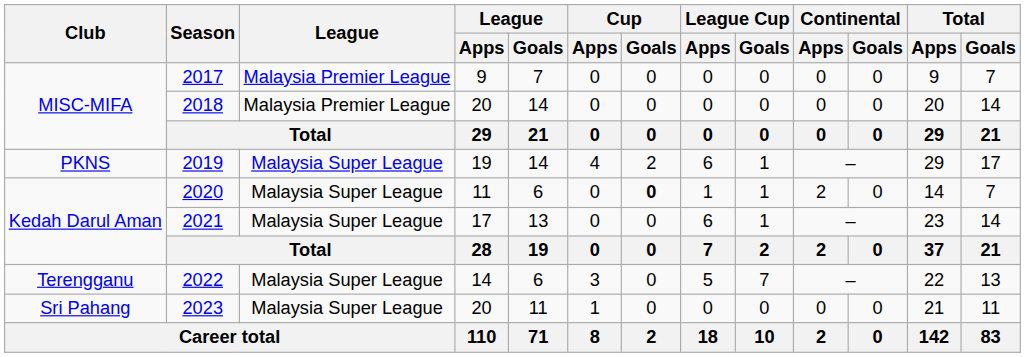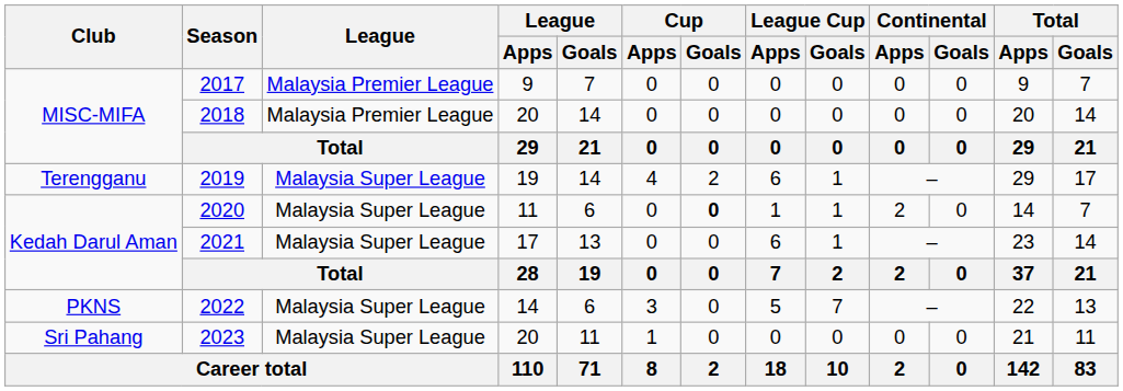 <table class="wikitable" style="text-align: center;">
 <tr>
 <th rowspan="2">Club</th>
 <th rowspan="2">Season</th>
 <th rowspan="2">League</th>
 <th colspan="2">League</th>
 <th colspan="2">Cup</th>
 <th colspan="2">League Cup</th>
 <th colspan="2">Continental</th>
 <th colspan="2">Total</th>
 </tr>
 <tr>
 <th>Apps</th>
 <th>Goals</th>
 <th>Apps</th>
 <th>Goals</th>
 <th>Apps</th>
 <th>Goals</th>
 <th>Apps</th>
 <th>Goals</th>
 <th>Apps</th>
 <th>Goals</th>
 </tr>
 <tr>
 <td rowspan="3" valign="center"><a href='#'>MISC-MIFA</a></td>
 <td><a href='#'>2017</a></td>
 <td><a href='#'>Malaysia Premier League</a></td>
 <td>9</td>
 <td>7</td>
 <td>0</td>
 <td>0</td>
 <td>0</td>
 <td>0</td>
 <td>0</td>
 <td>0</td>
 <td>9</td>
 <td>7</td>
 </tr>
 <tr>
 <td><a href='#'>2018</a></td>
 <td>Malaysia Premier League</td>
 <td>20</td>
 <td>14</td>
 <td>0</td>
 <td>0</td>
 <td>0</td>
 <td>0</td>
 <td>0</td>
 <td>0</td>
 <td>20</td>
 <td>14</td>
 </tr>
 <tr>
 <th colspan=2>Total</th>
 <th>29</th>
 <th>21</th>
 <th>0</th>
 <th>0</th>
 <th>0</th>
 <th>0</th>
 <th>0</th>
 <th>0</th>
 <th>29</th>
 <th>21</th>
 </tr>
 <tr>
-<td><a href='#'>PKNS</a></td>
+<td><a href='#'>Terengganu</a></td>
 <td><a href='#'>2019</a></td>
 <td><a href='#'>Malaysia Super League</a></td>
 <td>19</td>
 <td>14</td>
 <td>4</td>
 <td>2</td>
 <td>6</td>
 <td>1</td>
 <td colspan="2">–</td>
 <td>29</td>
 <td>17</td>
 </tr>
 <tr>
 <td rowspan="3" valign="center"><a href='#'>Kedah Darul Aman</a></td>
 <td><a href='#'>2020</a></td>
 <td>Malaysia Super League</td>
 <td>11</td>
 <td>6</td>
 <td>0</td>
 <td><strong>0</strong></td>
 <td>1</td>
 <td>1</td>
 <td>2</td>
 <td>0</td>
 <td>14</td>
 <td>7</td>
 </tr>
 <tr>
 <td><a href='#'>2021</a></td>
 <td>Malaysia Super League</td>
 <td>17</td>
 <td>13</td>
 <td>0</td>
 <td>0</td>
 <td>6</td>
 <td>1</td>
 <td colspan="2">–</td>
 <td>23</td>
 <td>14</td>
 </tr>
 <tr>
 <th colspan=2>Total</th>
 <th>28</th>
 <th>19</th>
 <th>0</th>
 <th>0</th>
 <th>7</th>
 <th>2</th>
 <th>2</th>
 <th>0</th>
 <th>37</th>
 <th>21</th>
 </tr>
 <tr>
-<td><a href='#'>Terengganu</a></td>
+<td><a href='#'>PKNS</a></td>
 <td><a href='#'>2022</a></td>
 <td>Malaysia Super League</td>
 <td>14</td>
 <td>6</td>
 <td>3</td>
 <td>0</td>
 <td>5</td>
 <td>7</td>
 <td colspan="2">–</td>
 <td>22</td>
 <td>13</td>
 </tr>
 <tr>
 <td><a href='#'>Sri Pahang</a></td>
 <td><a href='#'>2023</a></td>
 <td>Malaysia Super League</td>
 <td>20</td>
 <td>11</td>
 <td>1</td>
 <td>0</td>
 <td>0</td>
 <td>0</td>
 <td>0</td>
 <td>0</td>
 <td>21</td>
 <td>11</td>
 </tr>
 <tr>
 <th colspan="3">Career total</th>
 <th>110</th>
 <th>71</th>
 <th>8</th>
 <th>2</th>
 <th>18</th>
 <th>10</th>
 <th>2</th>
 <th>0</th>
 <th>142</th>
 <th>83</th>
 </tr>
 </table>
